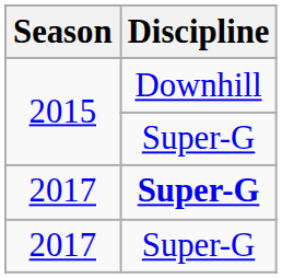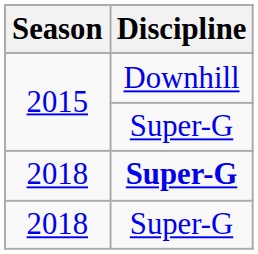 <table class="wikitable" style="text-align:center; font-size: 100%;">
 <tr>
 <th>Season</th>
 <th>Discipline</th>
 </tr>
 <tr>
 <td rowspan=2><a href='#'>2015</a></td>
 <td><a href='#'>Downhill</a></td>
 </tr>
 <tr>
 <td><a href='#'>Super-G</a></td>
 </tr>
 <tr>
-<td><a href='#'>2017</a></td>
+<td><a href='#'>2018</a></td>
 <td><strong><a href='#'>Super-G</a></strong></td>
 </tr>
 <tr>
-<td><a href='#'>2017</a></td>
+<td><a href='#'>2018</a></td>
 <td><a href='#'>Super-G</a></td>
 </tr>
 </table>
